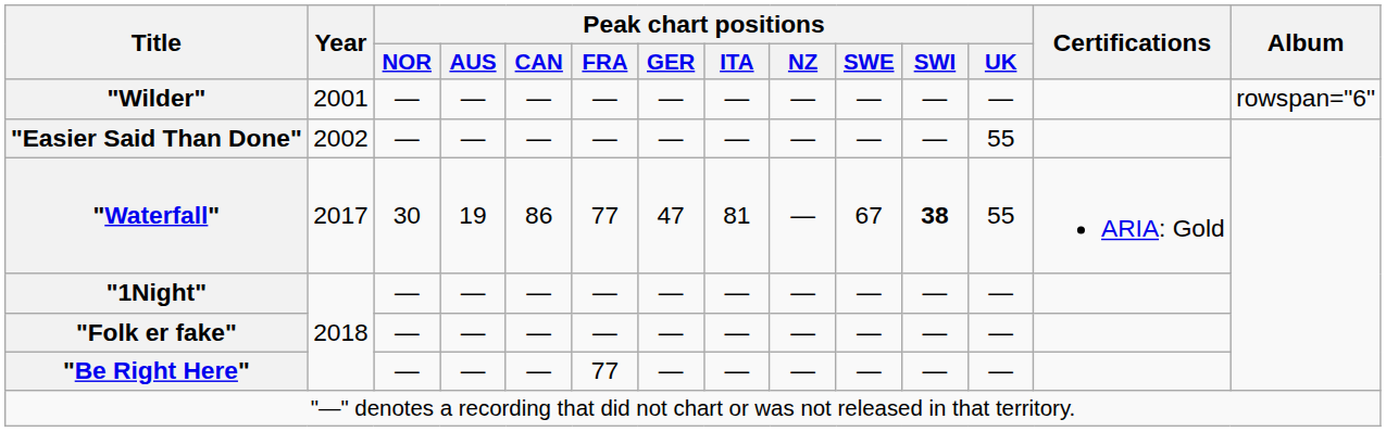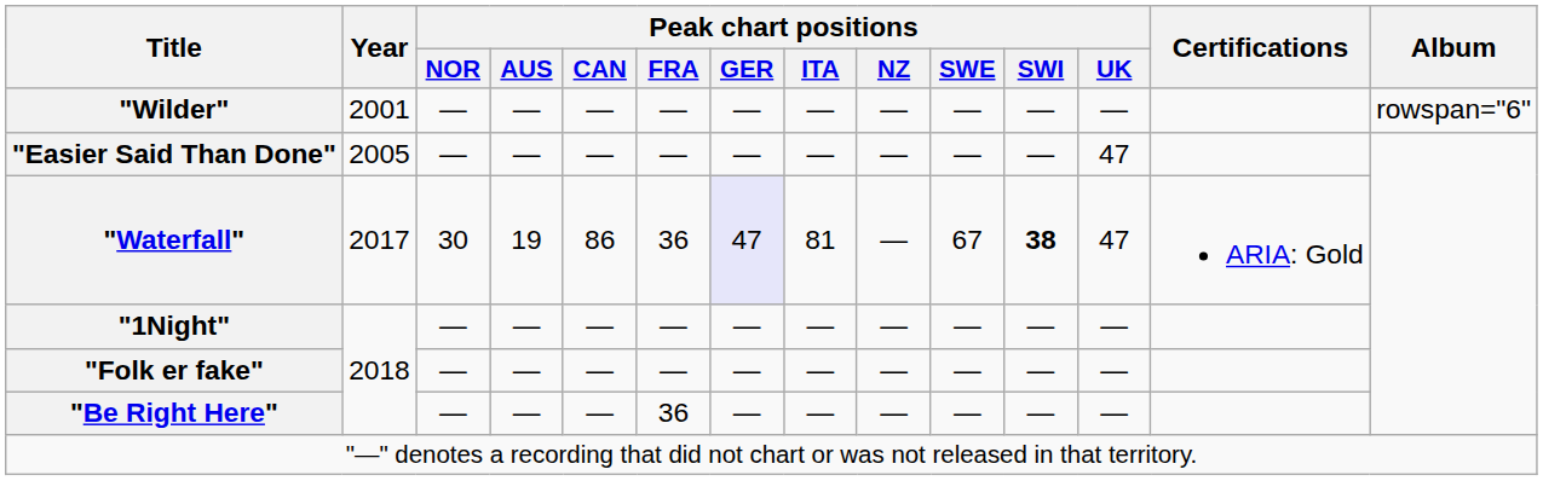 <table class="wikitable plainrowheaders" style="text-align:center;">
 <tr>
 <th scope="col" rowspan="2">Title</th>
 <th scope="col" rowspan="2">Year</th>
 <th scope="col" colspan="10">Peak chart positions</th>
 <th scope="col" rowspan="2">Certifications</th>
 <th scope="col" rowspan="2">Album</th>
 </tr>
 <tr>
 <th scope="col" style="width:2.5em; font-size:90%;"><a href='#'>NOR</a><br></th>
 <th scope="col" style="width:2.5em; font-size:90%;"><a href='#'>AUS</a></th>
 <th scope="col" style="width:2.5em; font-size:90%;"><a href='#'>CAN</a><br></th>
 <th scope="col" style="width:2.5em; font-size:90%;"><a href='#'>FRA</a><br></th>
 <th scope="col" style="width:2.5em; font-size:90%;"><a href='#'>GER</a><br></th>
 <th scope="col" style="width:2.5em; font-size:90%;"><a href='#'>ITA</a></th>
 <th scope="col" style="width:2.5em; font-size:90%;"><a href='#'>NZ</a></th>
 <th scope="col" style="width:2.5em; font-size:90%;"><a href='#'>SWE</a></th>
 <th scope="col" style="width:2.5em; font-size:90%;"><a href='#'>SWI</a></th>
 <th scope="col" style="width:2.5em; font-size:90%;"><a href='#'>UK</a></th>
 </tr>
 <tr>
 <th scope="row">"Wilder" <br> </th>
 <td>2001</td>
 <td>—</td>
 <td>—</td>
 <td>—</td>
 <td>—</td>
 <td>—</td>
 <td>—</td>
 <td>—</td>
 <td>—</td>
 <td>—</td>
 <td>—</td>
 <td></td>
 <td>rowspan="6" </td>
 </tr>
 <tr>
 <th scope="row">"Easier Said Than Done"</th>
-<td>2002</td>
+<td>2005</td>
 <td>—</td>
 <td>—</td>
 <td>—</td>
 <td>—</td>
 <td>—</td>
 <td>—</td>
 <td>—</td>
 <td>—</td>
 <td>—</td>
-<td>55</td>
+<td>47</td>
 <td></td>
 </tr>
 <tr>
 <th scope="row">"<a href='#'>Waterfall</a>" <br> </th>
 <td>2017</td>
 <td>30</td>
 <td>19</td>
 <td>86</td>
-<td>77</td>
-<td>47</td>
+<td>36</td>
+<td style="background: lavender;">47</td>
 <td>81</td>
 <td>—</td>
 <td>67</td>
 <td><strong>38</strong></td>
-<td>55</td>
+<td>47</td>
 <td><br><ul><li><a href='#'>ARIA</a>: Gold</li></ul></td>
 </tr>
 <tr>
 <th scope="row">"1Night" <br> </th>
 <td rowspan="3">2018</td>
 <td>—</td>
 <td>—</td>
 <td>—</td>
 <td>—</td>
 <td>—</td>
 <td>—</td>
 <td>—</td>
 <td>—</td>
 <td>—</td>
 <td>—</td>
 <td></td>
 </tr>
 <tr>
 <th scope="row">"Folk er fake"<br></th>
 <td>—</td>
 <td>—</td>
 <td>—</td>
 <td>—</td>
 <td>—</td>
 <td>—</td>
 <td>—</td>
 <td>—</td>
 <td>—</td>
 <td>—</td>
 <td></td>
 </tr>
 <tr>
 <th scope="row">"<a href='#'>Be Right Here</a>"<br></th>
 <td>—</td>
 <td>—</td>
 <td>—</td>
-<td>77</td>
+<td>36</td>
 <td>—</td>
 <td>—</td>
 <td>—</td>
 <td>—</td>
 <td>—</td>
 <td>—</td>
 <td></td>
 </tr>
 <tr>
 <td colspan="20" style="font-size:90%">"—" denotes a recording that did not chart or was not released in that territory.</td>
 </tr>
 </table>
